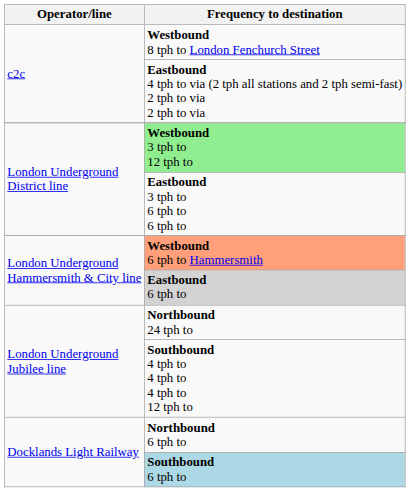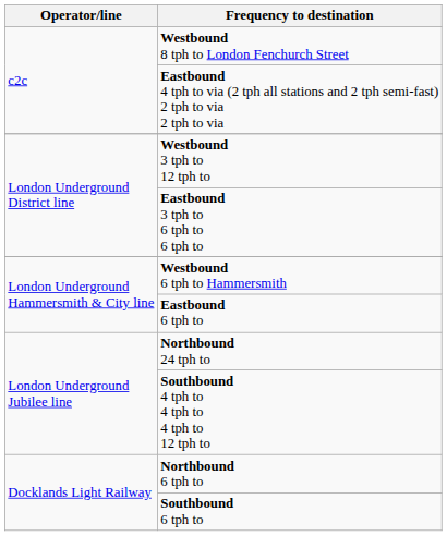 <table class="wikitable">
 <tr>
 <th>Operator/line</th>
 <th>Frequency to destination</th>
 </tr>
 <tr>
 <td rowspan=2><a href='#'>c2c</a></td>
 <td><strong>Westbound</strong> <br> 8 tph to <a href='#'>London Fenchurch Street</a></td>
 </tr>
 <tr>
 <td><strong>Eastbound</strong> <br> 4 tph to  via   (2 tph all stations and 2 tph semi-fast)<br> 2 tph to  via  <br> 2 tph to  via </td>
 </tr>
 <tr>
 </tr>
 <tr>
 <td rowspan=2><a href='#'>London Underground</a> <br> <a href='#'>District line</a></td>
-<td style="background: lightgreen;"><strong>Westbound</strong> <br> 3 tph to  <br> 12 tph to </td>
+<td><strong>Westbound</strong> <br> 3 tph to  <br> 12 tph to </td>
 </tr>
 <tr>
 <td><strong>Eastbound</strong> <br> 3 tph to  <br> 6 tph to  <br> 6 tph to </td>
 </tr>
 <tr>
 </tr>
 <tr>
 <td rowspan=2><a href='#'>London Underground</a> <br> <a href='#'>Hammersmith & City line</a></td>
-<td style="background: lightsalmon;"><strong>Westbound</strong> <br> 6 tph to <a href='#'>Hammersmith</a></td>
+<td><strong>Westbound</strong> <br> 6 tph to <a href='#'>Hammersmith</a></td>
 </tr>
 <tr>
-<td style="background: lightgrey;"><strong>Eastbound</strong> <br> 6 tph to </td>
+<td><strong>Eastbound</strong> <br> 6 tph to </td>
 </tr>
 <tr>
 <td rowspan=2><a href='#'>London Underground</a> <br> <a href='#'>Jubilee line</a></td>
 <td><strong>Northbound</strong> <br> 24 tph to </td>
 </tr>
 <tr>
 <td><strong>Southbound</strong> <br> 4 tph to  <br> 4 tph to  <br> 4 tph to  <br> 12 tph to </td>
 </tr>
 <tr>
 <td rowspan=2><a href='#'>Docklands Light Railway</a></td>
 <td><strong>Northbound</strong> <br> 6 tph to </td>
 </tr>
 <tr>
-<td style="background: lightblue;"><strong>Southbound</strong> <br> 6 tph to </td>
+<td><strong>Southbound</strong> <br> 6 tph to </td>
 </tr>
 </table>
